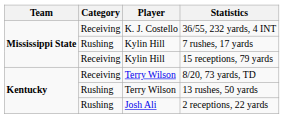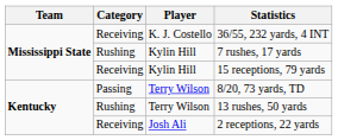 <table class="wikitable" style="float: left;">
 <tr>
 <th>Team</th>
 <th>Category</th>
 <th>Player</th>
 <th>Statistics</th>
 </tr>
 <tr>
 <td rowspan=3><strong>Mississippi State</strong></td>
 <td>Receiving</td>
 <td>K. J. Costello</td>
 <td>36/55, 232 yards, 4 INT</td>
 </tr>
 <tr>
 <td>Rushing</td>
 <td>Kylin Hill</td>
 <td>7 rushes, 17 yards</td>
 </tr>
 <tr>
 <td>Receiving</td>
 <td>Kylin Hill</td>
 <td>15 receptions, 79 yards</td>
 </tr>
 <tr>
 <td rowspan=3><strong>Kentucky</strong></td>
-<td>Receiving</td>
+<td>Passing</td>
 <td><a href='#'>Terry Wilson</a></td>
 <td>8/20, 73 yards, TD</td>
 </tr>
 <tr>
 <td>Rushing</td>
 <td>Terry Wilson</td>
 <td>13 rushes, 50 yards</td>
 </tr>
 <tr>
-<td>Rushing</td>
+<td>Receiving</td>
 <td><a href='#'>Josh Ali</a></td>
 <td>2 receptions, 22 yards</td>
 </tr>
 </table>
